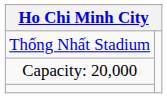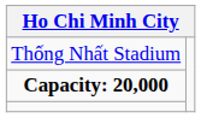 <table class="wikitable" style="margin: 1em auto; text-align:center;">
 <tr>
 <th colspan=2><a href='#'>Ho Chi Minh City</a></th>
 </tr>
 <tr>
 <td><a href='#'>Thống Nhất Stadium</a></td>
 <td rowspan=7></td>
 </tr>
 <tr>
-<td>Capacity: 20,000</td>
+<td><strong>Capacity: 20,000</strong></td>
 </tr>
 <tr>
 <td></td>
 </tr>
 </table>
